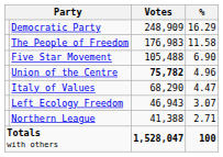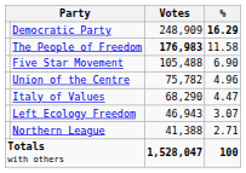 <table class=wikitable style=text-align:left>
 <tr>
 <th colspan=2 align=center>Party</th>
 <th valign=top>Votes</th>
 <th valign=top>%</th>
 </tr>
 <tr>
 <td style="color:inherit;background:"></td>
 <td><a href='#'>Democratic Party</a></td>
 <td align=right>248,909</td>
-<td align=right>16.29</td>
+<td align=right><strong>16.29</strong></td>
 </tr>
 <tr>
 <td style="color:inherit;background:"></td>
 <td><a href='#'>The People of Freedom</a></td>
-<td align=right>176,983</td>
+<td align=right><strong>176,983</strong></td>
 <td align=right>11.58</td>
 </tr>
 <tr>
 <td style="color:inherit;background:"></td>
 <td><a href='#'>Five Star Movement</a></td>
 <td align=right>105,488</td>
 <td align=right>6.90</td>
 </tr>
 <tr>
 <td style="color:inherit;background:"></td>
 <td><a href='#'>Union of the Centre</a></td>
-<td align=right><strong>75,782</strong></td>
+<td align=right>75,782</td>
 <td align=right>4.96</td>
 </tr>
 <tr>
 <td style="color:inherit;background:"></td>
 <td><a href='#'>Italy of Values</a></td>
 <td align=right>68,290</td>
 <td align=right>4.47</td>
 </tr>
 <tr>
 <td style="color:inherit;background:"></td>
 <td><a href='#'>Left Ecology Freedom</a></td>
 <td align=right>46,943</td>
 <td align=right>3.07</td>
 </tr>
 <tr>
 <td style="color:inherit;background:"></td>
 <td><a href='#'>Northern League</a></td>
 <td align=right>41,388</td>
 <td align=right>2.71</td>
 </tr>
 <tr>
 <td colspan=2 align=left><strong>Totals</strong> <br><small> with others</small></td>
 <td align=right><strong>1,528,047</strong></td>
 <td align=right><strong>100</strong></td>
 </tr>
 </table>
